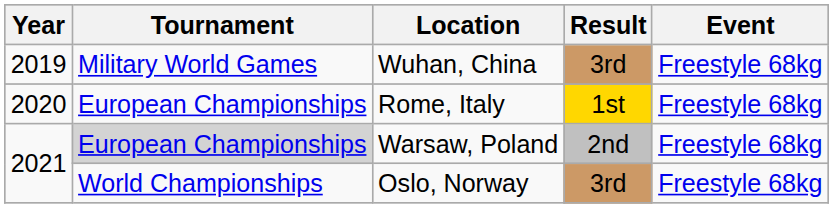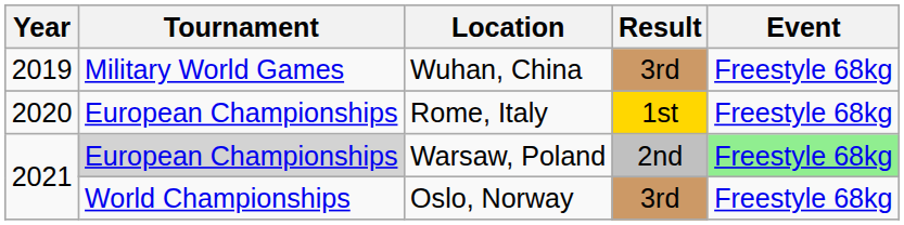 <table class="wikitable" style="font-size:95%;">
 <tr>
 <th>Year</th>
 <th>Tournament</th>
 <th>Location</th>
 <th>Result</th>
 <th>Event</th>
 </tr>
 <tr>
 <td>2019</td>
 <td><a href='#'>Military World Games</a></td>
 <td>Wuhan, China</td>
 <td align="center" bgcolor="cc9966">3rd</td>
 <td><a href='#'>Freestyle 68kg</a></td>
 </tr>
 <tr>
 <td>2020</td>
 <td><a href='#'>European Championships</a></td>
 <td>Rome, Italy</td>
 <td align="center" bgcolor="gold">1st</td>
 <td><a href='#'>Freestyle 68kg</a></td>
 </tr>
 <tr>
 <td rowspan=2>2021</td>
 <td style="background: lightgrey;"><a href='#'>European Championships</a></td>
 <td>Warsaw, Poland</td>
 <td align="center" bgcolor="silver">2nd</td>
-<td><a href='#'>Freestyle 68kg</a></td>
+<td style="background: lightgreen;"><a href='#'>Freestyle 68kg</a></td>
 </tr>
 <tr>
 <td><a href='#'>World Championships</a></td>
 <td>Oslo, Norway</td>
 <td align="center" bgcolor="cc9966">3rd</td>
 <td><a href='#'>Freestyle 68kg</a></td>
 </tr>
 </table>
